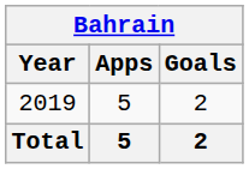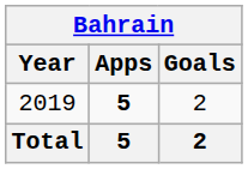 <table class="wikitable" style="text-align:center">
 <tr>
 <th colspan=3><a href='#'>Bahrain</a></th>
 </tr>
 <tr>
 <th>Year</th>
 <th>Apps</th>
 <th>Goals</th>
 </tr>
 <tr>
 <td>2019</td>
-<td>5</td>
+<td><strong>5</strong></td>
 <td>2</td>
 </tr>
 <tr>
 <th>Total</th>
 <th>5</th>
 <th>2</th>
 </tr>
 </table>
